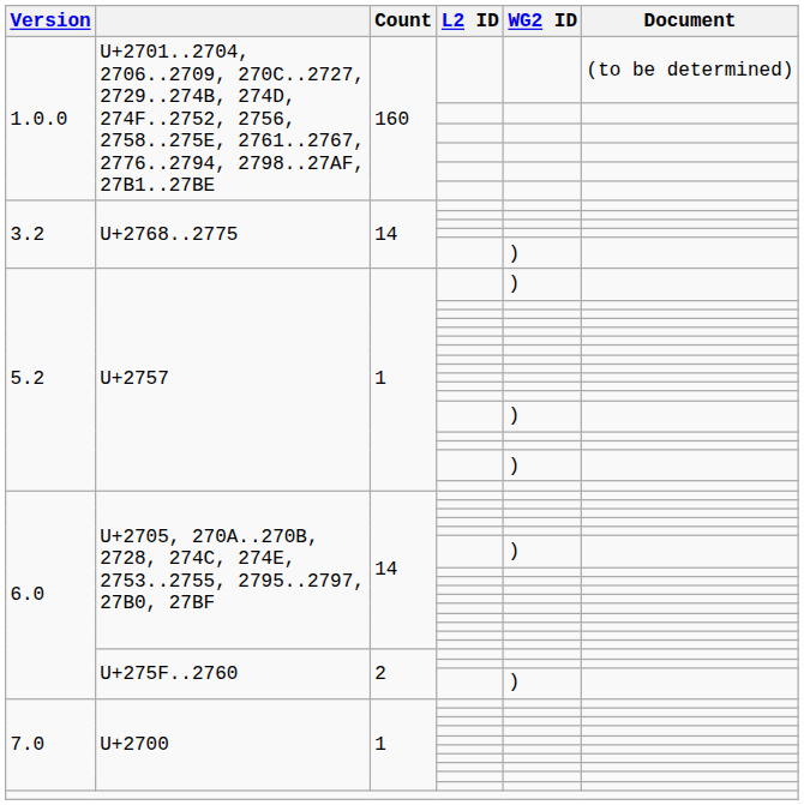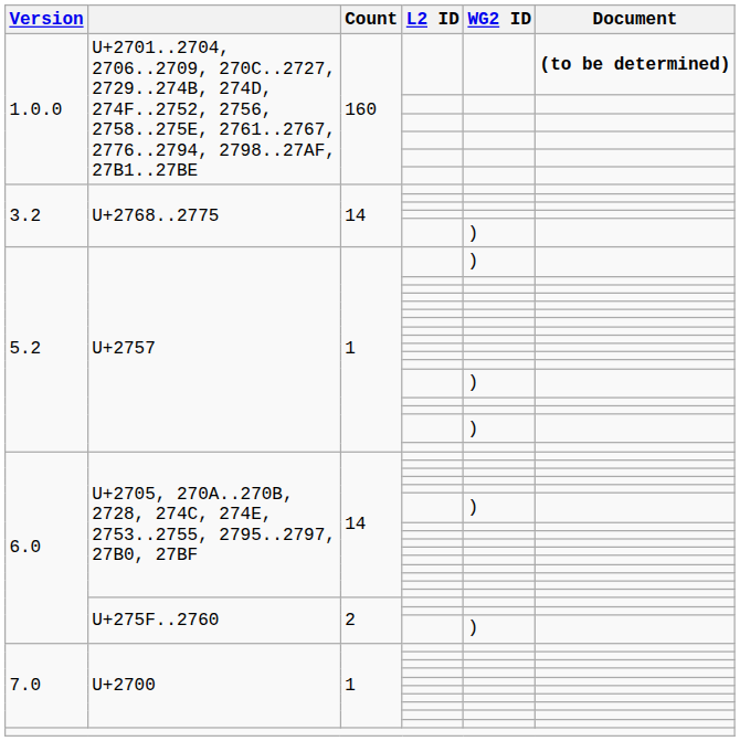 <table class="wikitable collapsible sticky-header">
 <tr>
 <th><a href='#'>Version</a></th>
 <th></th>
 <th>Count</th>
 <th><a href='#'>L2</a> ID</th>
 <th><a href='#'>WG2</a> ID</th>
 <th>Document</th>
 </tr>
 <tr>
 <td rowspan="6">1.0.0</td>
 <td rowspan="6" width="180">U+2701..2704, 2706..2709, 270C..2727, 2729..274B, 274D, 274F..2752, 2756, 2758..275E, 2761..2767, 2776..2794, 2798..27AF, 27B1..27BE</td>
 <td rowspan="6">160</td>
 <td></td>
 <td></td>
-<td>(to be determined)</td>
+<td><strong>(to be determined)</strong></td>
 </tr>
 <tr>
 <td></td>
 <td></td>
 <td></td>
 </tr>
 <tr>
 <td></td>
 <td></td>
 <td></td>
 </tr>
 <tr>
 <td></td>
 <td></td>
 <td></td>
 </tr>
 <tr>
 <td></td>
 <td></td>
 <td></td>
 </tr>
 <tr>
 <td></td>
 <td></td>
 <td></td>
 </tr>
 <tr>
 <td rowspan="5">3.2</td>
 <td rowspan="5">U+2768..2775</td>
 <td rowspan="5">14</td>
 <td></td>
 <td></td>
 <td></td>
 </tr>
 <tr>
 <td></td>
 <td></td>
 <td></td>
 </tr>
 <tr>
 <td></td>
 <td></td>
 <td></td>
 </tr>
 <tr>
 <td></td>
 <td></td>
 <td></td>
 </tr>
 <tr>
 <td></td>
 <td> )</td>
 <td></td>
 </tr>
 <tr>
 <td rowspan="17">5.2</td>
 <td rowspan="17">U+2757</td>
 <td rowspan="17">1</td>
 <td></td>
 <td> )</td>
 <td></td>
 </tr>
 <tr>
 <td></td>
 <td></td>
 <td></td>
 </tr>
 <tr>
 <td></td>
 <td></td>
 <td></td>
 </tr>
 <tr>
 <td></td>
 <td></td>
 <td></td>
 </tr>
 <tr>
 <td></td>
 <td></td>
 <td></td>
 </tr>
 <tr>
 <td></td>
 <td></td>
 <td></td>
 </tr>
 <tr>
 <td></td>
 <td></td>
 <td></td>
 </tr>
 <tr>
 <td></td>
 <td></td>
 <td></td>
 </tr>
 <tr>
 <td></td>
 <td></td>
 <td></td>
 </tr>
 <tr>
 <td></td>
 <td></td>
 <td></td>
 </tr>
 <tr>
 <td></td>
 <td></td>
 <td></td>
 </tr>
 <tr>
 <td></td>
 <td></td>
 <td></td>
 </tr>
 <tr>
 <td></td>
 <td> )</td>
 <td></td>
 </tr>
 <tr>
 <td></td>
 <td></td>
 <td></td>
 </tr>
 <tr>
 <td></td>
 <td></td>
 <td></td>
 </tr>
 <tr>
 <td></td>
 <td> )</td>
 <td></td>
 </tr>
 <tr>
 <td></td>
 <td></td>
 <td></td>
 </tr>
 <tr>
 <td rowspan="18">6.0</td>
 <td rowspan="15">U+2705, 270A..270B, 2728, 274C, 274E, 2753..2755, 2795..2797, 27B0, 27BF</td>
 <td rowspan="15">14</td>
 <td></td>
 <td></td>
 <td></td>
 </tr>
 <tr>
 <td></td>
 <td></td>
 <td></td>
 </tr>
 <tr>
 <td></td>
 <td></td>
 <td></td>
 </tr>
 <tr>
 <td></td>
 <td></td>
 <td></td>
 </tr>
 <tr>
 <td></td>
 <td></td>
 <td></td>
 </tr>
 <tr>
 <td></td>
 <td> )</td>
 <td></td>
 </tr>
 <tr>
 <td></td>
 <td></td>
 <td></td>
 </tr>
 <tr>
 <td></td>
 <td></td>
 <td></td>
 </tr>
 <tr>
 <td></td>
 <td></td>
 <td></td>
 </tr>
 <tr>
 <td></td>
 <td></td>
 <td></td>
 </tr>
 <tr>
 <td></td>
 <td></td>
 <td></td>
 </tr>
 <tr>
 <td></td>
 <td></td>
 <td></td>
 </tr>
 <tr>
 <td></td>
 <td></td>
 <td></td>
 </tr>
 <tr>
 <td></td>
 <td></td>
 <td></td>
 </tr>
 <tr>
 <td></td>
 <td></td>
 <td></td>
 </tr>
 <tr>
 <td rowspan="3">U+275F..2760</td>
 <td rowspan="3">2</td>
 <td></td>
 <td></td>
 <td></td>
 </tr>
 <tr>
 <td></td>
 <td></td>
 <td></td>
 </tr>
 <tr>
 <td></td>
 <td> )</td>
 <td></td>
 </tr>
 <tr>
 <td rowspan="10">7.0</td>
 <td rowspan="10">U+2700</td>
 <td rowspan="10">1</td>
 <td></td>
 <td></td>
 <td></td>
 </tr>
 <tr>
 <td></td>
 <td></td>
 <td></td>
 </tr>
 <tr>
 <td></td>
 <td></td>
 <td></td>
 </tr>
 <tr>
 <td></td>
 <td></td>
 <td></td>
 </tr>
 <tr>
 <td></td>
 <td></td>
 <td></td>
 </tr>
 <tr>
 <td></td>
 <td></td>
 <td></td>
 </tr>
 <tr>
 <td></td>
 <td></td>
 <td></td>
 </tr>
 <tr>
 <td></td>
 <td></td>
 <td></td>
 </tr>
 <tr>
 <td></td>
 <td></td>
 <td></td>
 </tr>
 <tr>
 <td></td>
 <td></td>
 <td></td>
 </tr>
 <tr class="sortbottom">
 <td colspan="6"></td>
 </tr>
 </table>
